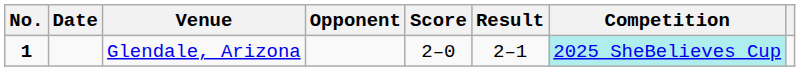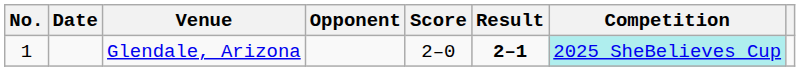 <table class="wikitable sortable">
 <tr>
 <th scope="col">No.</th>
 <th scope="col">Date</th>
 <th scope="col">Venue</th>
 <th scope="col">Opponent</th>
 <th scope="col">Score</th>
 <th scope="col">Result</th>
 <th scope="col">Competition</th>
 <th scope="col" class="unsortable"></th>
 </tr>
 <tr>
-<td style="text-align:center"><strong>1</strong></td>
+<td style="text-align:center">1</td>
 <td></td>
 <td><a href='#'>Glendale, Arizona</a></td>
 <td></td>
 <td style="text-align:center">2–0</td>
-<td style="text-align:center">2–1</td>
+<td style="text-align:center"><strong>2–1</strong></td>
 <td style="background: paleturquoise;"><a href='#'>2025 SheBelieves Cup</a></td>
 </tr>
 </table>
